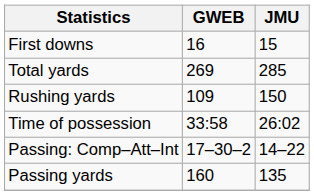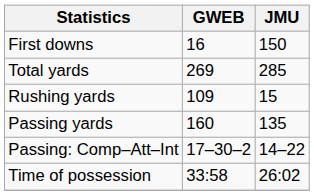 <table class="wikitable" style="float: left;">
 <tr>
 <th>Statistics</th>
 <th>GWEB</th>
 <th>JMU</th>
 </tr>
 <tr>
 <td>First downs</td>
 <td>16</td>
-<td>15</td>
+<td>150</td>
 </tr>
 <tr>
 <td>Total yards</td>
 <td>269</td>
 <td>285</td>
 </tr>
 <tr>
 <td>Rushing yards</td>
 <td>109</td>
-<td>150</td>
+<td>15</td>
+</tr>
+<tr>
+<td>Passing yards</td>
+<td>160</td>
+<td>135</td>
+</tr>
+<tr>
+<td>Passing: Comp–Att–Int</td>
+<td>17–30–2</td>
+<td>14–22</td>
 </tr>
 <tr>
 <td>Time of possession</td>
 <td>33:58</td>
 <td>26:02</td>
 </tr>
 <tr>
-<td>Passing: Comp–Att–Int</td>
-<td>17–30–2</td>
-<td>14–22</td>
-</tr>
-<tr>
-<td>Passing yards</td>
-<td>160</td>
-<td>135</td>
-</tr>
-<tr>
 </tr>
 </table>
